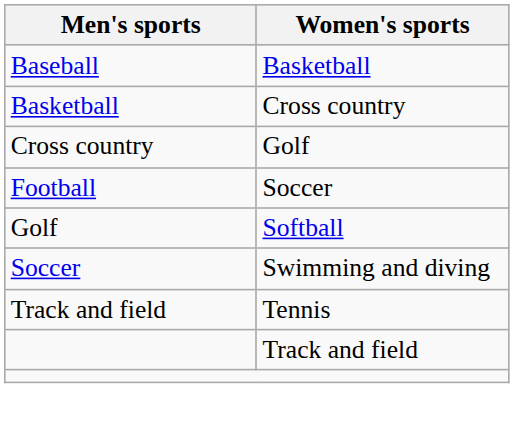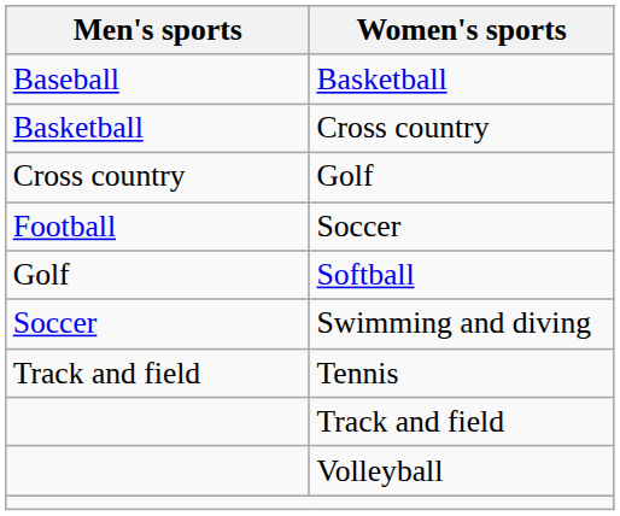 <table class="wikitable" style= " ">
 <tr>
 <th width=150px>Men's sports</th>
 <th width=150px>Women's sports</th>
 </tr>
 <tr>
 <td><a href='#'>Baseball</a></td>
 <td><a href='#'>Basketball</a></td>
 </tr>
 <tr>
 <td><a href='#'>Basketball</a></td>
 <td>Cross country</td>
 </tr>
 <tr>
 <td>Cross country</td>
 <td>Golf</td>
 </tr>
 <tr>
 <td><a href='#'>Football</a></td>
 <td>Soccer</td>
 </tr>
 <tr>
 <td>Golf</td>
 <td><a href='#'>Softball</a></td>
 </tr>
 <tr>
 <td><a href='#'>Soccer</a></td>
 <td>Swimming and diving</td>
 </tr>
 <tr>
 <td>Track and field</td>
 <td>Tennis</td>
 </tr>
 <tr>
 <td></td>
 <td>Track and field</td>
 </tr>
 <tr>
+<td></td>
+<td>Volleyball</td>
+</tr>
+<tr>
 <td colspan="2"></td>
 </tr>
 </table>
